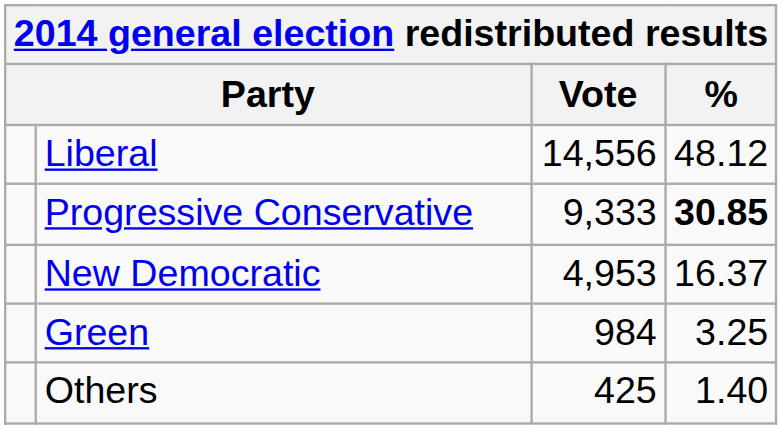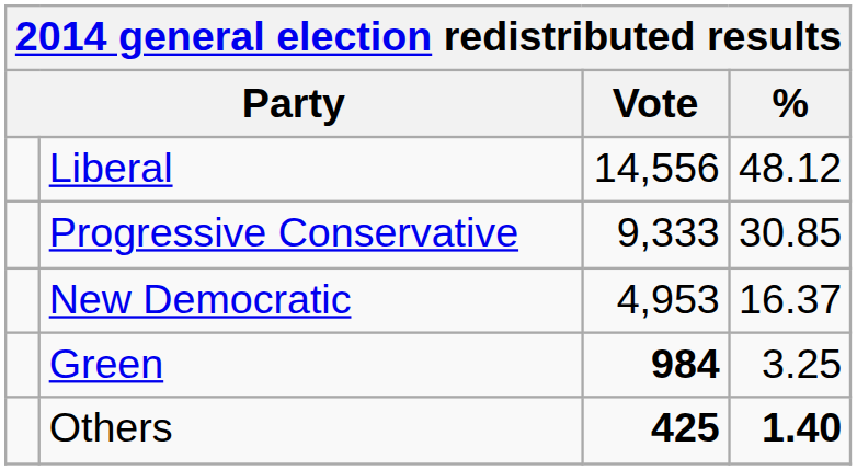 <table class="wikitable">
 <tr>
 <th colspan="4"><a href='#'>2014 general election</a> redistributed results</th>
 </tr>
 <tr>
 <th bgcolor="#DDDDFF" width="130px" colspan="2">Party</th>
 <th bgcolor="#DDDDFF" width="50px">Vote</th>
 <th bgcolor="#DDDDFF" width="30px">%</th>
 </tr>
 <tr>
 <td> </td>
 <td><a href='#'>Liberal</a></td>
 <td align=right>14,556</td>
 <td align=right>48.12</td>
 </tr>
 <tr>
 <td> </td>
 <td><a href='#'>Progressive Conservative</a></td>
 <td align=right>9,333</td>
-<td align=right><strong>30.85</strong></td>
+<td align=right>30.85</td>
 </tr>
 <tr>
 <td> </td>
 <td><a href='#'>New Democratic</a></td>
 <td align=right>4,953</td>
 <td align=right>16.37</td>
 </tr>
 <tr>
 <td> </td>
 <td><a href='#'>Green</a></td>
-<td align=right>984</td>
+<td align=right><strong>984</strong></td>
 <td align=right>3.25</td>
 </tr>
 <tr>
 <td> </td>
 <td>Others</td>
-<td align=right>425</td>
-<td align=right>1.40</td>
+<td align=right><strong>425</strong></td>
+<td align=right><strong>1.40</strong></td>
 </tr>
 </table>
